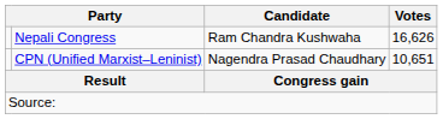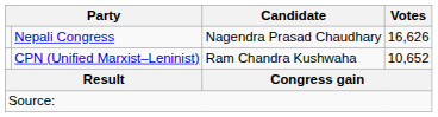 <table class="wikitable">
 <tr>
 <th colspan="2">Party</th>
 <th>Candidate</th>
 <th>Votes</th>
 </tr>
 <tr>
 <td style="background-color:"></td>
 <td><a href='#'>Nepali Congress</a></td>
-<td>Ram Chandra Kushwaha</td>
+<td>Nagendra Prasad Chaudhary</td>
 <td>16,626</td>
 </tr>
 <tr>
 <td style="background-color:"></td>
 <td><a href='#'>CPN (Unified Marxist–Leninist)</a></td>
-<td>Nagendra Prasad Chaudhary</td>
-<td>10,651</td>
+<td>Ram Chandra Kushwaha</td>
+<td>10,652</td>
 </tr>
 <tr>
 <th colspan="2">Result</th>
 <th colspan="2">Congress gain</th>
 </tr>
 <tr>
 <td colspan="4">Source: </td>
 </tr>
 </table>
